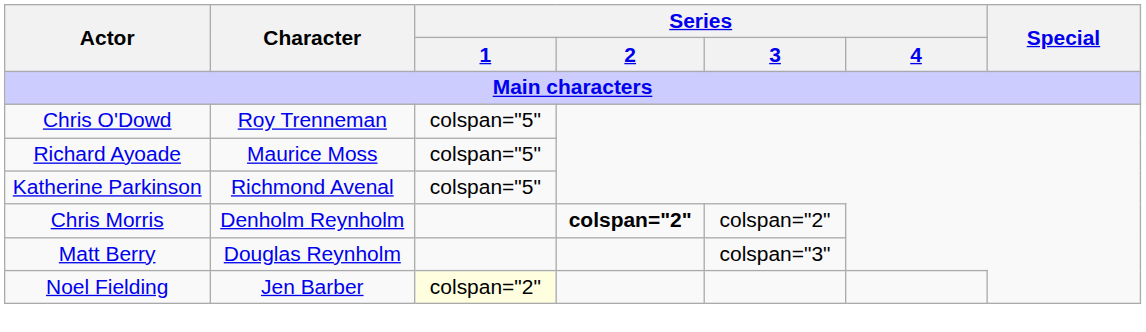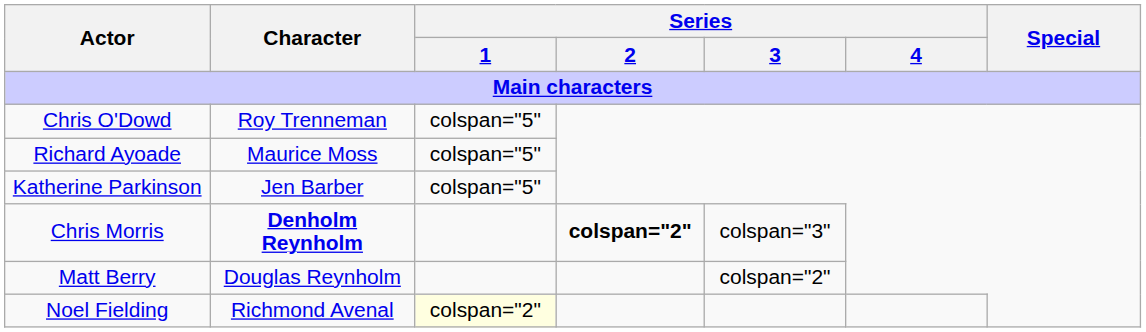 <table class="wikitable" style="text-align:center;">
 <tr>
 <th scope="col" rowspan="2" width="16%">Actor</th>
 <th scope="col" rowspan="2" width="16%">Character</th>
 <th scope="col" colspan="4"><a href='#'>Series</a></th>
 <th scope="col" rowspan="2" width="12%"><a href='#'>Special</a></th>
 </tr>
 <tr>
 <th scope="col" width="11%"><a href='#'>1</a></th>
 <th scope="col" width="11%"><a href='#'>2</a></th>
 <th scope="col" width="11%"><a href='#'>3</a></th>
 <th scope="col" width="11%"><a href='#'>4</a></th>
 </tr>
 <tr>
 <th colspan="7" style="background-color:#ccccff;"><a href='#'>Main characters</a></th>
 </tr>
 <tr>
 <td><a href='#'>Chris O'Dowd</a></td>
 <td><a href='#'>Roy Trenneman</a></td>
 <td>colspan="5" </td>
 </tr>
 <tr>
 <td><a href='#'>Richard Ayoade</a></td>
 <td><a href='#'>Maurice Moss</a></td>
 <td>colspan="5" </td>
 </tr>
 <tr>
 <td><a href='#'>Katherine Parkinson</a></td>
-<td><a href='#'>Richmond Avenal</a></td>
+<td><a href='#'>Jen Barber</a></td>
 <td>colspan="5" </td>
 </tr>
 <tr>
 <td><a href='#'>Chris Morris</a></td>
-<td><a href='#'>Denholm Reynholm</a></td>
+<td><strong><a href='#'>Denholm Reynholm</a></strong></td>
 <td></td>
 <td><strong>colspan="2" </strong></td>
-<td>colspan="2" </td>
+<td>colspan="3" </td>
 </tr>
 <tr>
 <td><a href='#'>Matt Berry</a></td>
 <td><a href='#'>Douglas Reynholm</a></td>
 <td></td>
 <td></td>
-<td>colspan="3" </td>
+<td>colspan="2" </td>
 </tr>
 <tr>
 <td><a href='#'>Noel Fielding</a></td>
-<td><a href='#'>Jen Barber</a></td>
+<td><a href='#'>Richmond Avenal</a></td>
 <td style="background: lightyellow;">colspan="2" </td>
 <td></td>
 <td></td>
 <td></td>
 </tr>
 </table>
